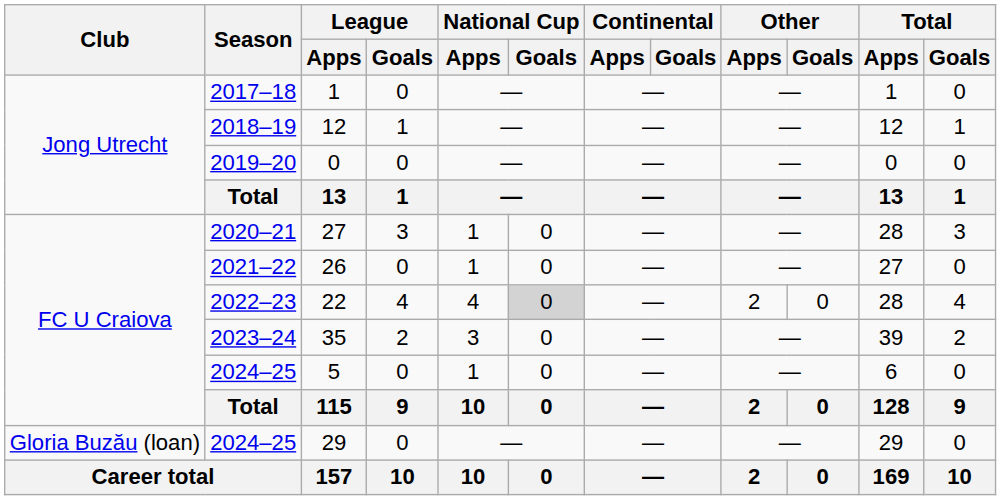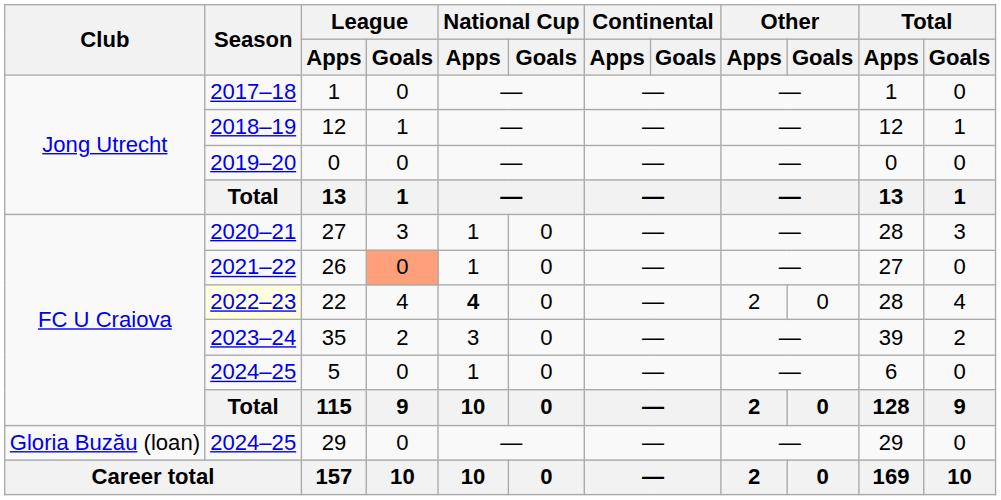 <table class="wikitable" style="text-align:center">
 <tr>
 <th rowspan="2">Club</th>
 <th rowspan="2">Season</th>
 <th colspan="2">League</th>
 <th colspan="2">National Cup</th>
 <th colspan="2">Continental</th>
 <th colspan="2">Other</th>
 <th colspan="2">Total</th>
 </tr>
 <tr>
 <th>Apps</th>
 <th>Goals</th>
 <th>Apps</th>
 <th>Goals</th>
 <th>Apps</th>
 <th>Goals</th>
 <th>Apps</th>
 <th>Goals</th>
 <th>Apps</th>
 <th>Goals</th>
 </tr>
 <tr>
 <td rowspan="4"><a href='#'>Jong Utrecht</a></td>
 <td><a href='#'>2017–18</a></td>
 <td>1</td>
 <td>0</td>
 <td colspan="2">—</td>
 <td colspan="2">—</td>
 <td colspan="2">—</td>
 <td>1</td>
 <td>0</td>
 </tr>
 <tr>
 <td><a href='#'>2018–19</a></td>
 <td>12</td>
 <td>1</td>
 <td colspan="2">—</td>
 <td colspan="2">—</td>
 <td colspan="2">—</td>
 <td>12</td>
 <td>1</td>
 </tr>
 <tr>
 <td><a href='#'>2019–20</a></td>
 <td>0</td>
 <td>0</td>
 <td colspan="2">—</td>
 <td colspan="2">—</td>
 <td colspan="2">—</td>
 <td>0</td>
 <td>0</td>
 </tr>
 <tr>
 <th>Total</th>
 <th>13</th>
 <th>1</th>
 <th colspan="2">—</th>
 <th colspan="2">—</th>
 <th colspan="2">—</th>
 <th>13</th>
 <th>1</th>
 </tr>
 <tr>
 <td rowspan="6"><a href='#'>FC U Craiova</a></td>
 <td><a href='#'>2020–21</a></td>
 <td>27</td>
 <td>3</td>
 <td>1</td>
 <td>0</td>
 <td colspan="2">—</td>
 <td colspan="2">—</td>
 <td>28</td>
 <td>3</td>
 </tr>
 <tr>
 <td><a href='#'>2021–22</a></td>
 <td>26</td>
-<td>0</td>
+<td style="background: lightsalmon;">0</td>
 <td>1</td>
 <td>0</td>
 <td colspan="2">—</td>
 <td colspan="2">—</td>
 <td>27</td>
 <td>0</td>
 </tr>
 <tr>
-<td><a href='#'>2022–23</a></td>
+<td style="background: lightyellow;"><a href='#'>2022–23</a></td>
 <td>22</td>
 <td>4</td>
-<td>4</td>
-<td style="background: lightgrey;">0</td>
+<td><strong>4</strong></td>
+<td>0</td>
 <td colspan="2">—</td>
 <td>2</td>
 <td>0</td>
 <td>28</td>
 <td>4</td>
 </tr>
 <tr>
 <td><a href='#'>2023–24</a></td>
 <td>35</td>
 <td>2</td>
 <td>3</td>
 <td>0</td>
 <td colspan="2">—</td>
 <td colspan="2">—</td>
 <td>39</td>
 <td>2</td>
 </tr>
 <tr>
 <td><a href='#'>2024–25</a></td>
 <td>5</td>
 <td>0</td>
 <td>1</td>
 <td>0</td>
 <td colspan="2">—</td>
 <td colspan="2">—</td>
 <td>6</td>
 <td>0</td>
 </tr>
 <tr>
 <th>Total</th>
 <th>115</th>
 <th>9</th>
 <th>10</th>
 <th>0</th>
 <th colspan="2">—</th>
 <th>2</th>
 <th>0</th>
 <th>128</th>
 <th>9</th>
 </tr>
 <tr>
 <td><a href='#'>Gloria Buzău</a> (loan)</td>
 <td><a href='#'>2024–25</a></td>
 <td>29</td>
 <td>0</td>
 <td colspan="2">—</td>
 <td colspan="2">—</td>
 <td colspan="2">—</td>
 <td>29</td>
 <td>0</td>
 </tr>
 <tr>
 <th colspan="2">Career total</th>
 <th>157</th>
 <th>10</th>
 <th>10</th>
 <th>0</th>
 <th colspan="2">—</th>
 <th>2</th>
 <th>0</th>
 <th>169</th>
 <th>10</th>
 </tr>
 </table>
